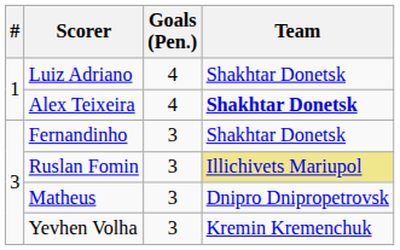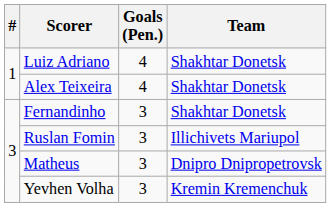 <table class="wikitable">
 <tr>
 <th>#</th>
 <th>Scorer</th>
 <th>Goals<br>(Pen.)</th>
 <th>Team</th>
 </tr>
 <tr>
 <td rowspan="2">1</td>
 <td> <a href='#'>Luiz Adriano</a></td>
 <td align=center>4</td>
 <td><a href='#'>Shakhtar Donetsk</a></td>
 </tr>
 <tr>
 <td> <a href='#'>Alex Teixeira</a></td>
 <td align=center>4</td>
-<td><strong><a href='#'>Shakhtar Donetsk</a></strong></td>
+<td><a href='#'>Shakhtar Donetsk</a></td>
 </tr>
 <tr>
 <td rowspan="4">3</td>
 <td> <a href='#'>Fernandinho</a></td>
 <td align=center>3</td>
 <td><a href='#'>Shakhtar Donetsk</a></td>
 </tr>
 <tr>
 <td> <a href='#'>Ruslan Fomin</a></td>
 <td align=center>3</td>
-<td style="background: khaki;"><a href='#'>Illichivets Mariupol</a></td>
+<td><a href='#'>Illichivets Mariupol</a></td>
 </tr>
 <tr>
 <td> <a href='#'>Matheus</a></td>
 <td align=center>3</td>
 <td><a href='#'>Dnipro Dnipropetrovsk</a></td>
 </tr>
 <tr>
 <td> Yevhen Volha</td>
 <td align=center>3</td>
 <td><a href='#'>Kremin Kremenchuk</a></td>
 </tr>
 </table>
